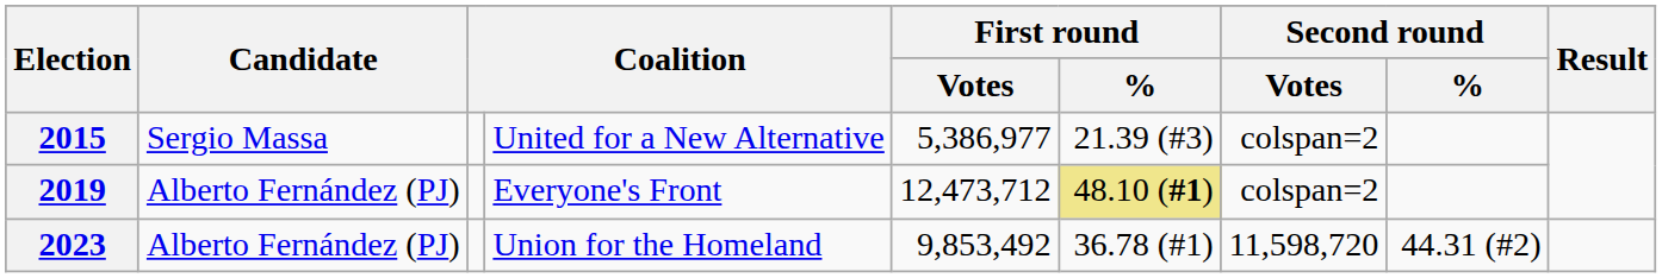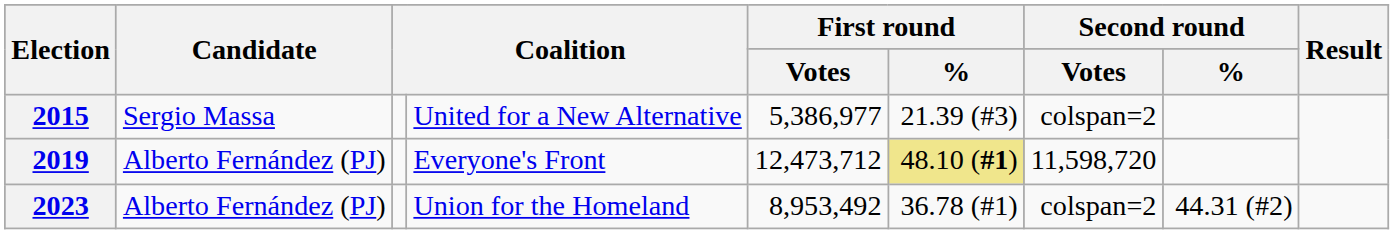 <table class="wikitable" style="text-align:right;">
 <tr>
 <th rowspan="2">Election</th>
 <th rowspan="2">Candidate</th>
 <th rowspan="2" colspan="2">Coalition</th>
 <th colspan="2">First round</th>
 <th colspan="2">Second round</th>
 <th rowspan="2">Result</th>
 </tr>
 <tr>
 <th width="70">Votes</th>
 <th width="70">%</th>
 <th width="70">Votes</th>
 <th width="70">%</th>
 </tr>
 <tr>
 <th><a href='#'>2015</a></th>
 <td align="left"><a href='#'>Sergio Massa</a></td>
 <td width="1"></td>
 <td align="left"><a href='#'>United for a New Alternative</a></td>
 <td>5,386,977</td>
 <td>21.39	(#3)</td>
 <td>colspan=2 </td>
 <td></td>
 </tr>
 <tr>
 <th><a href='#'>2019</a></th>
 <td align="left"><a href='#'>Alberto Fernández</a> (<a href='#'>PJ</a>)</td>
 <td></td>
 <td align="left"><a href='#'>Everyone's Front</a></td>
 <td>12,473,712</td>
 <td style="background: khaki;">48.10 (<strong>#1</strong>)</td>
-<td>colspan=2 </td>
+<td>11,598,720</td>
 <td></td>
 </tr>
 <tr>
 <th><a href='#'>2023</a></th>
 <td align="left"><a href='#'>Alberto Fernández</a> (<a href='#'>PJ</a>)</td>
 <td></td>
 <td align="left"><a href='#'>Union for the Homeland</a></td>
-<td>9,853,492</td>
+<td>8,953,492</td>
 <td>36.78	(#1)</td>
-<td>11,598,720</td>
+<td>colspan=2 </td>
 <td>44.31 (#2)</td>
 <td></td>
 </tr>
 </table>
